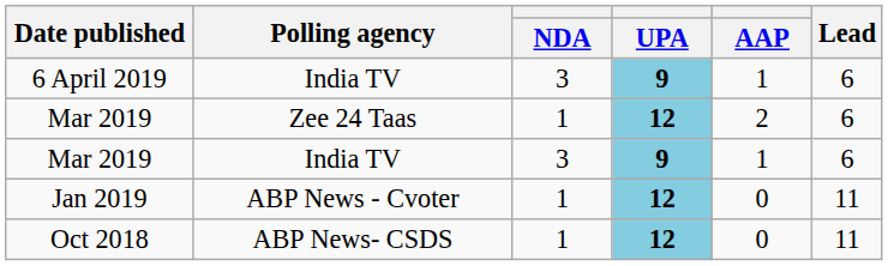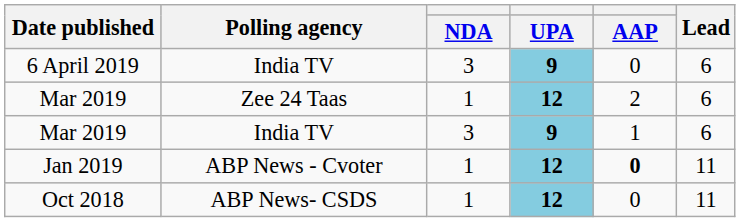 <table class="wikitable sortable" style="text-align:center;font-size:95%;line-height:16px">
 <tr>
 <th rowspan="2" width="100px">Date published</th>
 <th rowspan="2" width="175px">Polling agency</th>
 <th style="background:"></th>
 <th style="background:"></th>
 <th style="background:"></th>
 <th rowspan="2">Lead</th>
 </tr>
 <tr>
 <th width="50px" class="unsortable"><a href='#'>NDA</a></th>
 <th width="50px" class="unsortable"><a href='#'>UPA</a></th>
 <th width="50px" class="unsortable"><a href='#'>AAP</a></th>
 </tr>
 <tr>
 <td>6 April 2019</td>
 <td>India TV</td>
 <td>3</td>
 <td style="background:#84CCE0"><strong>9</strong></td>
-<td>1</td>
+<td>0</td>
 <td style="background:">6</td>
 </tr>
 <tr>
 <td>Mar 2019</td>
 <td>Zee 24 Taas</td>
 <td>1</td>
 <td style="background:#84CCE0"><strong>12</strong></td>
 <td>2</td>
 <td style="background:">6</td>
 </tr>
 <tr>
 <td>Mar 2019</td>
 <td>India TV</td>
 <td>3</td>
 <td style="background:#84CCE0"><strong>9</strong></td>
 <td>1</td>
 <td style="background:">6</td>
 </tr>
 <tr>
 <td>Jan 2019</td>
 <td>ABP News - Cvoter</td>
 <td>1</td>
 <td style="background:#84CCE0"><strong>12</strong></td>
-<td>0</td>
+<td><strong>0</strong></td>
 <td style="background:">11</td>
 </tr>
 <tr>
 <td>Oct 2018</td>
 <td>ABP News- CSDS</td>
 <td>1</td>
 <td style="background:#84CCE0"><strong>12</strong></td>
 <td>0</td>
 <td style="background:"><span>11</span></td>
 </tr>
 </table>
